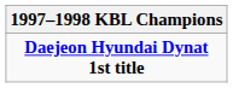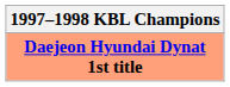 <table class=wikitable style="text-align:center; margin:auto">
 <tr>
 <th>1997–1998 KBL Champions</th>
 </tr>
 <tr>
-<td><strong><a href='#'>Daejeon Hyundai Dynat</a></strong><br><strong>1st title</strong></td>
+<td style="background: lightsalmon;"><strong><a href='#'>Daejeon Hyundai Dynat</a></strong><br><strong>1st title</strong></td>
 </tr>
 </table>
